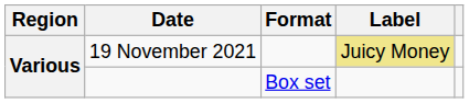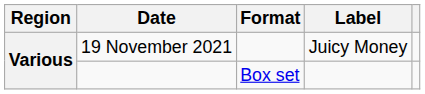 <table class="wikitable plainrowheaders">
 <tr>
 <th>Region</th>
 <th>Date</th>
 <th>Format</th>
 <th>Label</th>
 <th></th>
 </tr>
 <tr>
 <th scope="row" rowspan="2">Various</th>
 <td rowspan="1">19 November 2021</td>
 <td></td>
-<td style="background: khaki;">Juicy Money</td>
+<td>Juicy Money</td>
 <td></td>
 </tr>
 <tr>
 <td></td>
 <td><a href='#'>Box set</a></td>
 <td></td>
 <td></td>
 </tr>
 </table>
